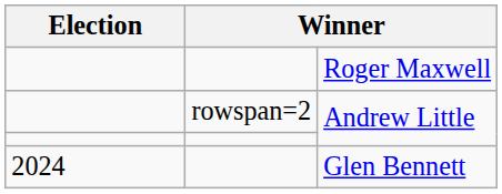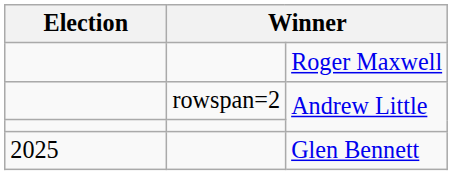 <table class=wikitable>
 <tr>
 <th width=100>Election</th>
 <th width=175 colspan=2>Winner</th>
 </tr>
 <tr>
 <td></td>
 <td></td>
 <td><a href='#'>Roger Maxwell</a></td>
 </tr>
 <tr>
 <td></td>
 <td>rowspan=2 </td>
 <td rowspan=2><a href='#'>Andrew Little</a></td>
 </tr>
 <tr>
 <td></td>
 </tr>
 <tr>
-<td>2024</td>
+<td>2025</td>
 <td></td>
 <td><a href='#'>Glen Bennett</a></td>
 </tr>
 </table>
